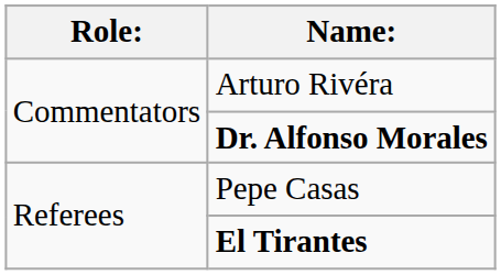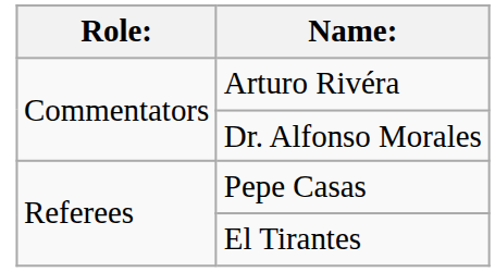 <table class=wikitable style="font-size:90%; margin: 0.5em 0 0.5em 1em; float: right; clear: right;">
 <tr>
 <th>Role:</th>
 <th>Name:</th>
 </tr>
 <tr>
 <td rowspan=2>Commentators</td>
 <td>Arturo Rivéra</td>
 </tr>
 <tr>
-<td><strong>Dr. Alfonso Morales</strong></td>
+<td>Dr. Alfonso Morales</td>
 </tr>
 <tr>
 <td rowspan=2>Referees</td>
 <td>Pepe Casas</td>
 </tr>
 <tr>
-<td><strong>El Tirantes</strong></td>
+<td>El Tirantes</td>
 </tr>
 </table>
